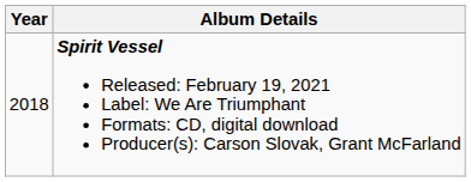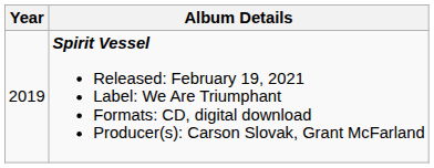 <table class="wikitable">
 <tr>
 <th>Year</th>
 <th>Album Details</th>
 </tr>
 <tr>
-<td>2018</td>
+<td>2019</td>
 <td><strong><em>Spirit Vessel</em></strong><br><ul><li>Released: February 19, 2021</li><li>Label: We Are Triumphant</li><li>Formats: CD, digital download</li><li>Producer(s): Carson Slovak, Grant McFarland</li></ul></td>
 </tr>
 </table>
